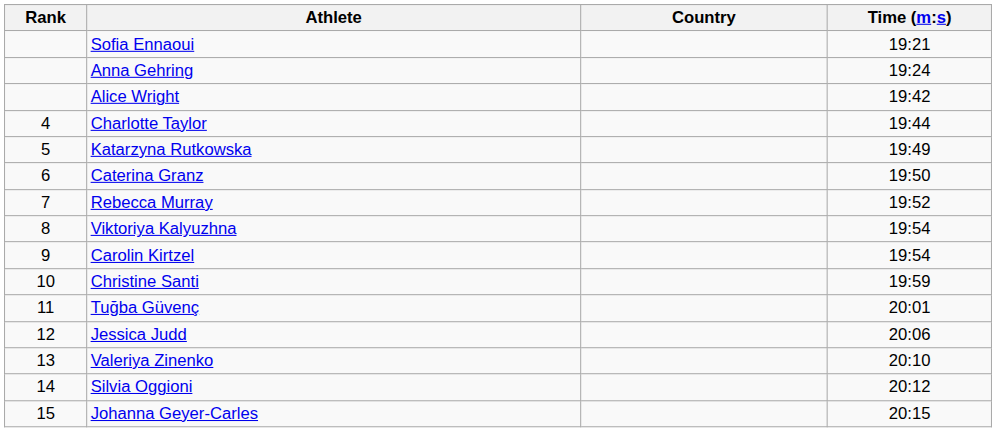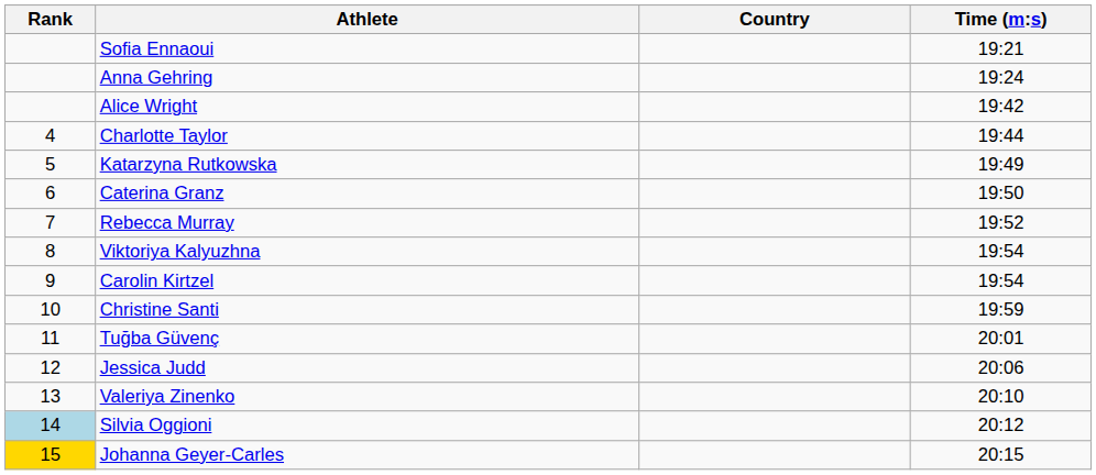 <table class="wikitable" style="text-align:center;" width="60%">
 <tr>
 </tr>
 <tr>
 <th width=5%>Rank</th>
 <th width=30%>Athlete</th>
 <th width=15%>Country</th>
 <th width=10%>Time (<a href='#'>m</a>:<a href='#'>s</a>)</th>
 </tr>
 <tr>
 <td></td>
 <td align=left><a href='#'>Sofia Ennaoui</a></td>
 <td align=left></td>
 <td>19:21</td>
 </tr>
 <tr>
 <td></td>
 <td align=left><a href='#'>Anna Gehring</a></td>
 <td align=left></td>
 <td>19:24</td>
 </tr>
 <tr>
 <td></td>
 <td align=left><a href='#'>Alice Wright</a></td>
 <td align=left></td>
 <td>19:42</td>
 </tr>
 <tr>
 <td>4</td>
 <td align=left><a href='#'>Charlotte Taylor</a></td>
 <td align=left></td>
 <td>19:44</td>
 </tr>
 <tr>
 <td>5</td>
 <td align=left><a href='#'>Katarzyna Rutkowska</a></td>
 <td align=left></td>
 <td>19:49</td>
 </tr>
 <tr>
 <td>6</td>
 <td align=left><a href='#'>Caterina Granz</a></td>
 <td align=left></td>
 <td>19:50</td>
 </tr>
 <tr>
 <td>7</td>
 <td align=left><a href='#'>Rebecca Murray</a></td>
 <td align=left></td>
 <td>19:52</td>
 </tr>
 <tr>
 <td>8</td>
 <td align=left><a href='#'>Viktoriya Kalyuzhna</a></td>
 <td align=left></td>
 <td>19:54</td>
 </tr>
 <tr>
 <td>9</td>
 <td align=left><a href='#'>Carolin Kirtzel</a></td>
 <td align=left></td>
 <td>19:54</td>
 </tr>
 <tr>
 <td>10</td>
 <td align=left><a href='#'>Christine Santi</a></td>
 <td align=left></td>
 <td>19:59</td>
 </tr>
 <tr>
 <td>11</td>
 <td align=left><a href='#'>Tuğba Güvenç</a></td>
 <td align=left></td>
 <td>20:01</td>
 </tr>
 <tr>
 <td>12</td>
 <td align=left><a href='#'>Jessica Judd</a></td>
 <td align=left></td>
 <td>20:06</td>
 </tr>
 <tr>
 <td>13</td>
 <td align=left><a href='#'>Valeriya Zinenko</a></td>
 <td align=left></td>
 <td>20:10</td>
 </tr>
 <tr>
-<td>14</td>
+<td style="background: lightblue;">14</td>
 <td align=left><a href='#'>Silvia Oggioni</a></td>
 <td align=left></td>
 <td>20:12</td>
 </tr>
 <tr>
-<td>15</td>
+<td style="background: gold;">15</td>
 <td align=left><a href='#'>Johanna Geyer-Carles</a></td>
 <td align=left></td>
 <td>20:15</td>
 </tr>
 </table>
